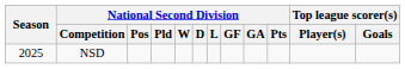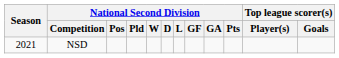 <table class="wikitable" style="text-align:center">
 <tr>
 <th width=60px rowspan=2>Season</th>
 <th colspan="9"><a href='#'>National Second Division</a></th>
 <th colspan="2">Top league scorer(s)</th>
 </tr>
 <tr>
 <th>Competition</th>
 <th>Pos</th>
 <th>Pld</th>
 <th>W</th>
 <th>D</th>
 <th>L</th>
 <th>GF</th>
 <th>GA</th>
 <th>Pts</th>
 <th>Player(s)</th>
 <th>Goals</th>
 </tr>
 <tr>
-<td>2025</td>
+<td>2021</td>
 <td>NSD</td>
 <td></td>
 <td></td>
 <td></td>
 <td></td>
 <td></td>
 <td></td>
 <td></td>
 <td></td>
 <td></td>
 <td></td>
 </tr>
 </table>
